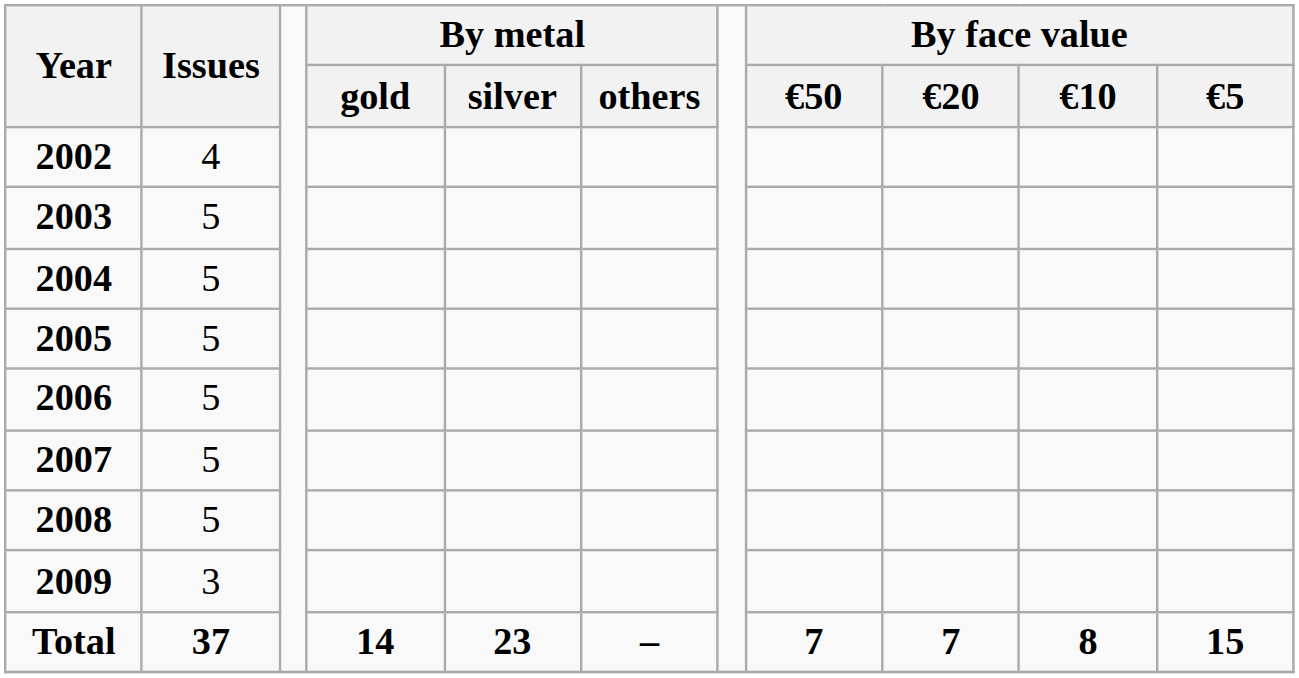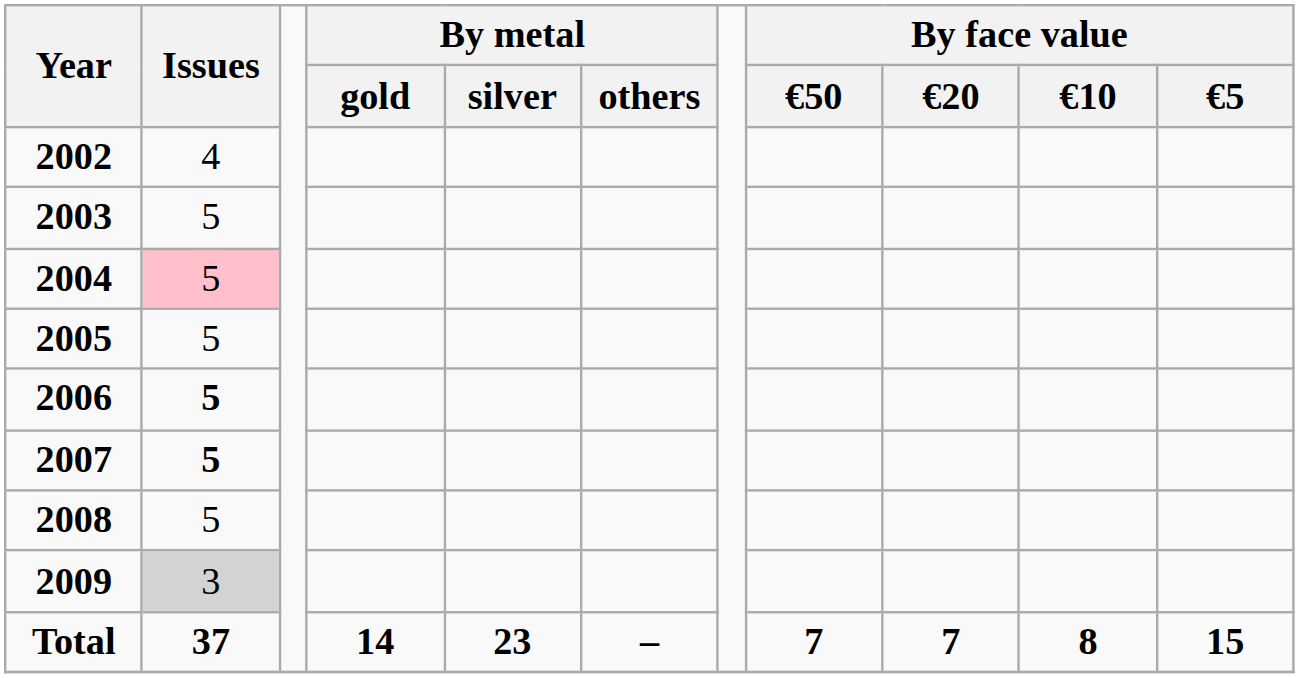 <table class="wikitable" style="text-align: center;">
 <tr>
 <th rowspan=2 width=50px>Year</th>
 <th rowspan=2 width=50px>Issues</th>
 <td rowspan=11> </td>
 <th colspan=3>By metal</th>
 <td rowspan=11> </td>
 <th colspan=5>By face value</th>
 </tr>
 <tr>
 <th width=50px>gold</th>
 <th width=50px>silver</th>
 <th width=50px>others</th>
 <th width=50px>€50</th>
 <th width=50px>€20</th>
 <th width=50px>€10</th>
 <th width=50px>€5</th>
 </tr>
 <tr>
 <td style="text-align: center;"><strong>2002</strong></td>
 <td>4</td>
 <td></td>
 <td></td>
 <td></td>
 <td></td>
 <td></td>
 <td></td>
 <td></td>
 </tr>
 <tr>
 <td style="text-align: center;"><strong>2003</strong></td>
 <td>5</td>
 <td></td>
 <td></td>
 <td></td>
 <td></td>
 <td></td>
 <td></td>
 <td></td>
 </tr>
 <tr>
 <td style="text-align: center;"><strong>2004</strong></td>
-<td>5</td>
+<td style="background: pink;">5</td>
 <td></td>
 <td></td>
 <td></td>
 <td></td>
 <td></td>
 <td></td>
 <td></td>
 </tr>
 <tr>
 <td style="text-align: center;"><strong>2005</strong></td>
 <td>5</td>
 <td></td>
 <td></td>
 <td></td>
 <td></td>
 <td></td>
 <td></td>
 <td></td>
 </tr>
 <tr>
 <td style="text-align: center;"><strong>2006</strong></td>
-<td>5</td>
+<td><strong>5</strong></td>
 <td></td>
 <td></td>
 <td></td>
 <td></td>
 <td></td>
 <td></td>
 <td></td>
 </tr>
 <tr>
 <td style="text-align: center;"><strong>2007</strong></td>
-<td>5</td>
+<td><strong>5</strong></td>
 <td></td>
 <td></td>
 <td></td>
 <td></td>
 <td></td>
 <td></td>
 <td></td>
 </tr>
 <tr>
 <td style="text-align: center;"><strong>2008</strong></td>
 <td>5</td>
 <td></td>
 <td></td>
 <td></td>
 <td></td>
 <td></td>
 <td></td>
 <td></td>
 </tr>
 <tr>
 <td style="text-align: center;"><strong>2009</strong></td>
-<td>3</td>
+<td style="background: lightgrey;">3</td>
 <td></td>
 <td></td>
 <td></td>
 <td></td>
 <td></td>
 <td></td>
 <td></td>
 </tr>
 <tr>
 <td style="text-align: center;"><strong>Total</strong></td>
 <td><strong>37</strong></td>
 <td><strong>14</strong></td>
 <td><strong>23</strong></td>
 <td><strong>–</strong></td>
 <td><strong>7</strong></td>
 <td><strong>7</strong></td>
 <td><strong>8</strong></td>
 <td><strong>15</strong></td>
 </tr>
 <tr>
 </tr>
 </table>
